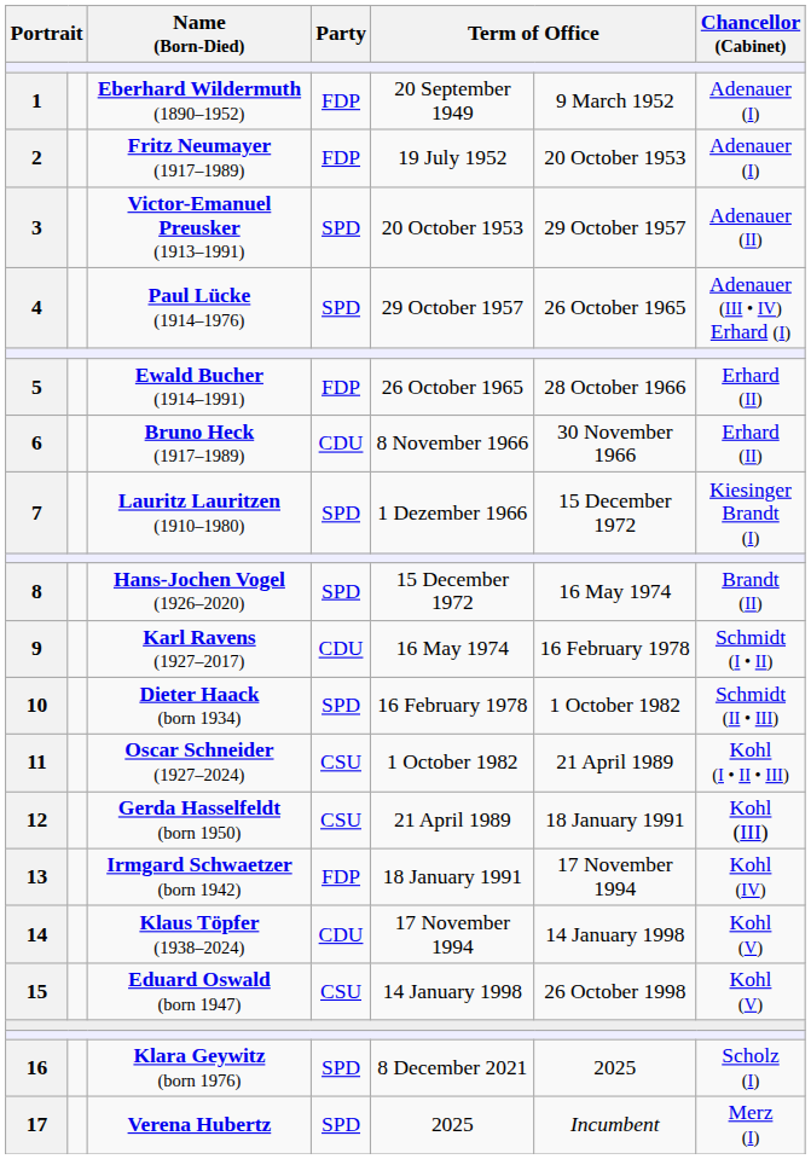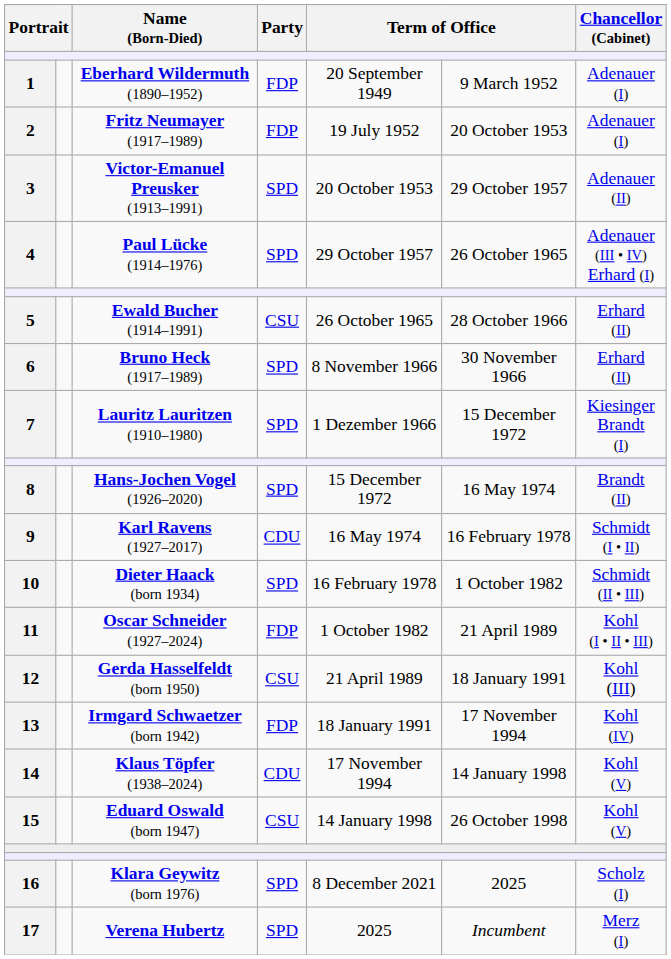 <table class="wikitable" style="text-align:center;">
 <tr>
 <th colspan=2>Portrait</th>
 <th>Name<br><small>(Born-Died)</small></th>
 <th>Party</th>
 <th colspan=2>Term of Office</th>
 <th><a href='#'>Chancellor</a><br><small>(Cabinet)</small></th>
 </tr>
 <tr>
 <th colspan="7" style="background:#EEEEFF"></th>
 </tr>
 <tr>
 <th style="background:">1</th>
 <td></td>
 <td><strong><a href='#'>Eberhard Wildermuth</a></strong><br><small>(1890–1952)</small></td>
 <td><a href='#'>FDP</a></td>
 <td>20 September 1949</td>
 <td>9 March 1952</td>
 <td><a href='#'>Adenauer</a><br><small>(<a href='#'>I</a>)</small></td>
 </tr>
 <tr>
 <th style="background:">2</th>
 <td></td>
 <td><strong><a href='#'>Fritz Neumayer</a></strong><br><small>(1917–1989)</small></td>
 <td><a href='#'>FDP</a></td>
 <td>19 July 1952</td>
 <td>20 October 1953</td>
 <td><a href='#'>Adenauer</a><br><small>(<a href='#'>I</a>)</small></td>
 </tr>
 <tr>
 <th style="background:">3</th>
 <td></td>
 <td><strong><a href='#'>Victor-Emanuel Preusker</a></strong><br><small>(1913–1991)</small></td>
 <td><a href='#'>SPD</a></td>
 <td>20 October 1953</td>
 <td>29 October 1957</td>
 <td><a href='#'>Adenauer</a><br><small>(<a href='#'>II</a>)</small></td>
 </tr>
 <tr>
 <th style="background:">4</th>
 <td></td>
 <td><strong><a href='#'>Paul Lücke</a></strong><br><small>(1914–1976)</small></td>
 <td><a href='#'>SPD</a></td>
 <td>29 October 1957</td>
 <td>26 October 1965</td>
 <td><a href='#'>Adenauer</a><br><small>(<a href='#'>III</a> • <a href='#'>IV</a>)</small><br><a href='#'>Erhard</a> <small>(<a href='#'>I</a>)</small></td>
 </tr>
 <tr>
 <th colspan="7" style="background:#EEEEFF"></th>
 </tr>
 <tr>
 <th style="background:">5</th>
 <td></td>
 <td><strong><a href='#'>Ewald Bucher</a></strong><br><small>(1914–1991)</small></td>
-<td><a href='#'>FDP</a></td>
+<td><a href='#'>CSU</a></td>
 <td>26 October 1965</td>
 <td>28 October 1966</td>
 <td><a href='#'>Erhard</a><br><small>(<a href='#'>II</a>)</small></td>
 </tr>
 <tr>
 <th style="background:">6</th>
 <td></td>
 <td><strong><a href='#'>Bruno Heck</a></strong><br><small>(1917–1989)</small></td>
-<td><a href='#'>CDU</a></td>
+<td><a href='#'>SPD</a></td>
 <td>8 November 1966</td>
 <td>30 November 1966</td>
 <td><a href='#'>Erhard</a><br><small>(<a href='#'>II</a>)</small></td>
 </tr>
 <tr>
 <th style="background:">7</th>
 <td></td>
 <td><strong><a href='#'>Lauritz Lauritzen</a></strong><br><small>(1910–1980)</small></td>
 <td><a href='#'>SPD</a></td>
 <td>1 Dezember 1966</td>
 <td>15 December 1972</td>
 <td><a href='#'>Kiesinger</a><br><a href='#'>Brandt</a><br><small>(<a href='#'>I</a>)</small></td>
 </tr>
 <tr>
 <th colspan="7" style="background:#EEEEFF"></th>
 </tr>
 <tr>
 <th style="background:">8</th>
 <td></td>
 <td><strong><a href='#'>Hans-Jochen Vogel</a></strong><br><small>(1926–2020)</small></td>
 <td><a href='#'>SPD</a></td>
 <td>15 December 1972</td>
 <td>16 May 1974</td>
 <td><a href='#'>Brandt</a><br><small>(<a href='#'>II</a>)</small></td>
 </tr>
 <tr>
 <th style="background:">9</th>
 <td></td>
 <td><strong><a href='#'>Karl Ravens</a></strong><br><small>(1927–2017)</small></td>
 <td><a href='#'>CDU</a></td>
 <td>16 May 1974</td>
 <td>16 February 1978</td>
 <td><a href='#'>Schmidt</a><br><small>(<a href='#'>I</a> • <a href='#'>II</a>)</small></td>
 </tr>
 <tr>
 <th style="background:">10</th>
 <td></td>
 <td><strong><a href='#'>Dieter Haack</a></strong><br><small>(born 1934)</small></td>
 <td><a href='#'>SPD</a></td>
 <td>16 February 1978</td>
 <td>1 October 1982</td>
 <td><a href='#'>Schmidt</a><br><small>(<a href='#'>II</a> • <a href='#'>III</a>)</small></td>
 </tr>
 <tr>
 <th style="background:">11</th>
 <td></td>
 <td><strong><a href='#'>Oscar Schneider</a></strong><br><small>(1927–2024)</small></td>
-<td><a href='#'>CSU</a></td>
+<td><a href='#'>FDP</a></td>
 <td>1 October 1982</td>
 <td>21 April 1989</td>
 <td><a href='#'>Kohl</a><br><small>(<a href='#'>I</a> • <a href='#'>II</a> • <a href='#'>III</a>)</small></td>
 </tr>
 <tr>
 <th style="background:">12</th>
 <td></td>
 <td><strong><a href='#'>Gerda Hasselfeldt</a></strong><br><small>(born 1950)</small></td>
 <td><a href='#'>CSU</a></td>
 <td>21 April 1989</td>
 <td>18 January 1991</td>
 <td><a href='#'>Kohl</a><br>(<a href='#'>III</a>)</td>
 </tr>
 <tr>
 <th style="background:">13</th>
 <td></td>
 <td><strong><a href='#'>Irmgard Schwaetzer</a></strong><br><small>(born 1942)</small></td>
 <td><a href='#'>FDP</a></td>
 <td>18 January 1991</td>
 <td>17 November 1994</td>
 <td><a href='#'>Kohl</a><br><small>(<a href='#'>IV</a>)</small></td>
 </tr>
 <tr>
 <th style="background:">14</th>
 <td></td>
 <td><strong><a href='#'>Klaus Töpfer</a></strong><br><small>(1938–2024)</small></td>
 <td><a href='#'>CDU</a></td>
 <td>17 November 1994</td>
 <td>14 January 1998</td>
 <td><a href='#'>Kohl</a><br><small>(<a href='#'>V</a>)</small></td>
 </tr>
 <tr>
 <th style="background:">15</th>
 <td></td>
 <td><strong><a href='#'>Eduard Oswald</a></strong><br><small>(born 1947)</small></td>
 <td><a href='#'>CSU</a></td>
 <td>14 January 1998</td>
 <td>26 October 1998</td>
 <td><a href='#'>Kohl</a><br><small>(<a href='#'>V</a>)</small></td>
 </tr>
 <tr>
 <td bgcolor=#EEEEEE colspan=7></td>
 </tr>
 <tr>
 <th colspan="7" style="background:#EEEEFF"></th>
 </tr>
 <tr>
 <th style="background:">16</th>
 <td></td>
 <td><strong><a href='#'>Klara Geywitz</a></strong><br><small>(born 1976)</small></td>
 <td><a href='#'>SPD</a></td>
 <td>8 December 2021</td>
 <td>2025</td>
 <td><a href='#'>Scholz</a><br><small>(<a href='#'>I</a>)</small></td>
 </tr>
 <tr>
 <th style="background:">17</th>
 <td></td>
 <td><a href='#'><strong>Verena Hubertz</strong></a></td>
 <td><a href='#'>SPD</a></td>
 <td>2025</td>
 <td><em>Incumbent</em></td>
 <td><a href='#'>Merz</a><br><small>(<a href='#'>I</a>)</small></td>
 </tr>
 </table>
